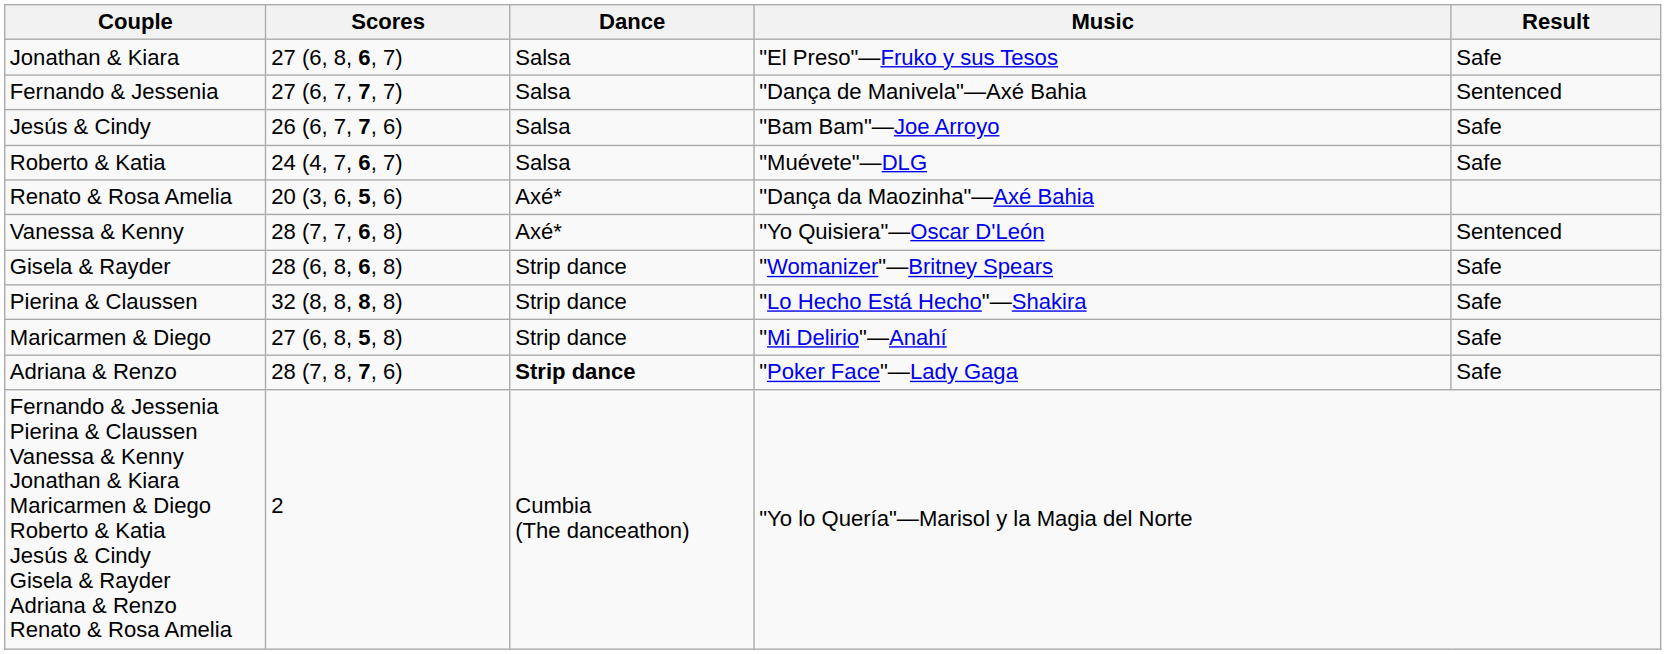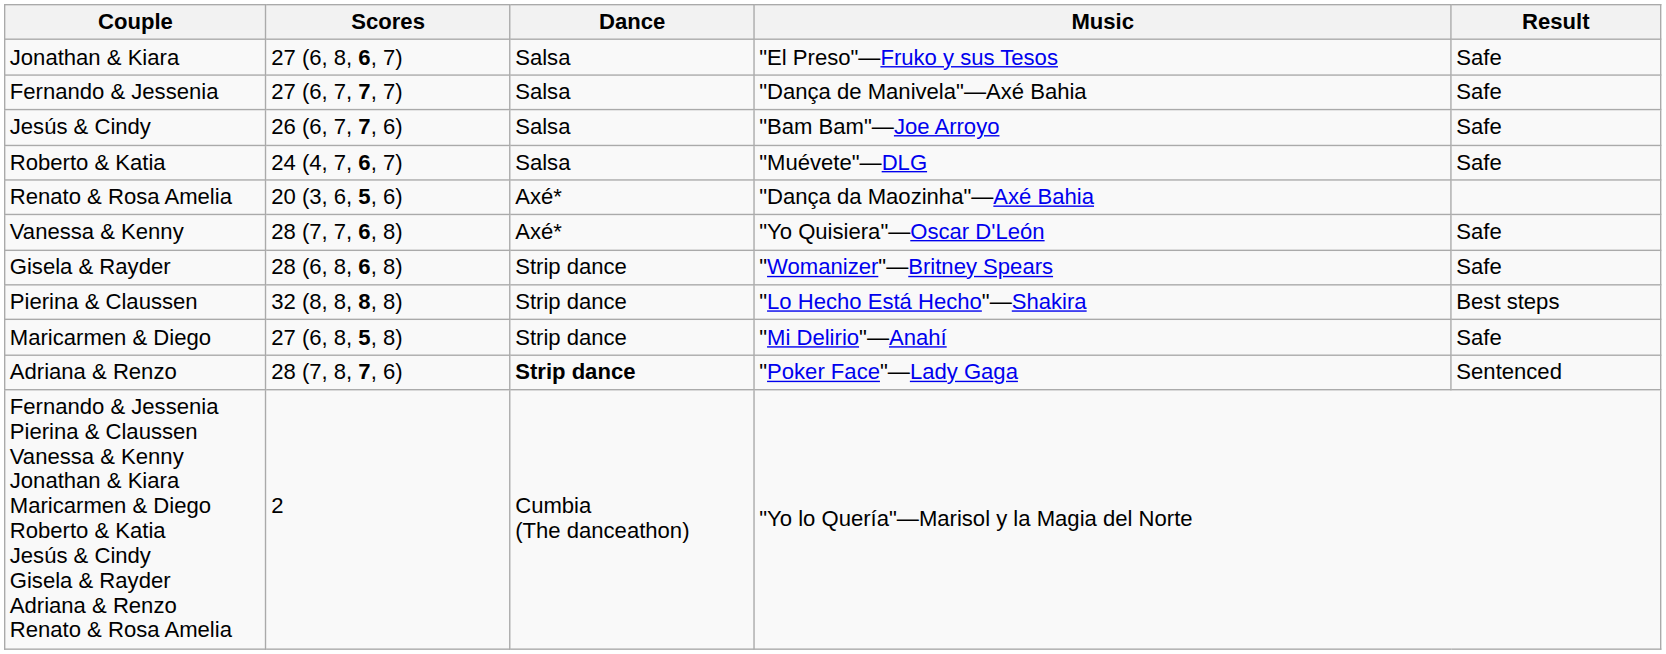 <table class="wikitable sortable" style="width:95%; white-space:nowrap;">
 <tr>
 <th style="width:15%;">Couple<br></th>
 <th style="width:14%;">Scores</th>
 <th style="width:14%;">Dance</th>
 <th style="width:40%;">Music</th>
 <th style="width:12%;">Result</th>
 </tr>
 <tr>
 <td>Jonathan & Kiara<br></td>
 <td>27 (6, 8, <strong>6</strong>, 7)</td>
 <td>Salsa</td>
 <td>"El Preso"—<a href='#'>Fruko y sus Tesos</a></td>
 <td>Safe</td>
 </tr>
 <tr>
 <td>Fernando & Jessenia<br></td>
 <td>27 (6, 7, <strong>7</strong>, 7)</td>
 <td>Salsa</td>
 <td>"Dança de Manivela"—Axé Bahia</td>
-<td>Sentenced</td>
+<td>Safe</td>
 </tr>
 <tr>
 <td>Jesús & Cindy <br></td>
 <td>26 (6, 7, <strong>7</strong>, 6)</td>
 <td>Salsa</td>
 <td>"Bam Bam"—<a href='#'>Joe Arroyo</a></td>
 <td>Safe</td>
 </tr>
 <tr>
 <td>Roberto & Katia<br></td>
 <td>24 (4, 7, <strong>6</strong>, 7)</td>
 <td>Salsa</td>
 <td>"Muévete"—<a href='#'>DLG</a></td>
 <td>Safe</td>
 </tr>
 <tr>
 <td>Renato & Rosa Amelia</td>
 <td>20 (3, 6, <strong>5</strong>, 6)</td>
 <td>Axé*</td>
 <td>"Dança da Maozinha"—<a href='#'>Axé Bahia</a></td>
 <td></td>
 </tr>
 <tr>
 <td>Vanessa & Kenny</td>
 <td>28 (7, 7, <strong>6</strong>, 8)</td>
 <td>Axé*</td>
 <td>"Yo Quisiera"—<a href='#'>Oscar D'León</a></td>
-<td>Sentenced</td>
+<td>Safe</td>
 </tr>
 <tr>
 <td>Gisela & Rayder</td>
 <td>28 (6, 8, <strong>6</strong>, 8)</td>
 <td>Strip dance</td>
 <td>"<a href='#'>Womanizer</a>"—<a href='#'>Britney Spears</a></td>
 <td>Safe</td>
 </tr>
 <tr>
 <td>Pierina & Claussen</td>
 <td>32 (8, 8, <strong>8</strong>, 8)</td>
 <td>Strip dance</td>
 <td>"<a href='#'>Lo Hecho Está Hecho</a>"—<a href='#'>Shakira</a></td>
-<td>Safe</td>
+<td>Best steps</td>
 </tr>
 <tr>
 <td>Maricarmen & Diego</td>
 <td>27 (6, 8, <strong>5</strong>, 8)</td>
 <td>Strip dance</td>
 <td>"<a href='#'>Mi Delirio</a>"—<a href='#'>Anahí</a></td>
 <td>Safe</td>
 </tr>
 <tr>
 <td>Adriana & Renzo</td>
 <td>28 (7, 8, <strong>7</strong>, 6)</td>
 <td><strong>Strip dance</strong></td>
 <td>"<a href='#'>Poker Face</a>"—<a href='#'>Lady Gaga</a></td>
-<td>Safe</td>
+<td>Sentenced</td>
 </tr>
 <tr>
 <td>Fernando & Jessenia<br>Pierina & Claussen<br>Vanessa & Kenny<br>Jonathan & Kiara<br>Maricarmen & Diego<br>Roberto & Katia<br>Jesús & Cindy<br>Gisela & Rayder<br>Adriana & Renzo<br>Renato & Rosa Amelia</td>
 <td valign="top"><br><br><br><br>2</td>
 <td>Cumbia<br>(The danceathon)</td>
 <td colspan=2>"Yo lo Quería"—Marisol y la Magia del Norte</td>
 </tr>
 </table>
